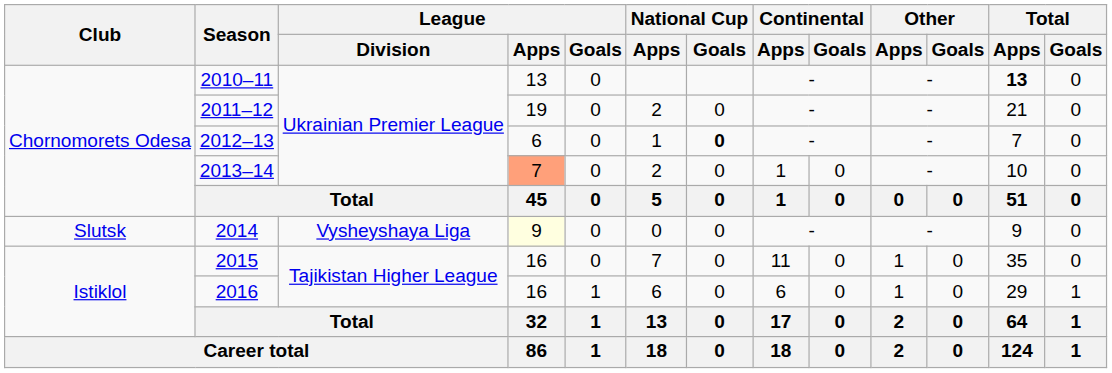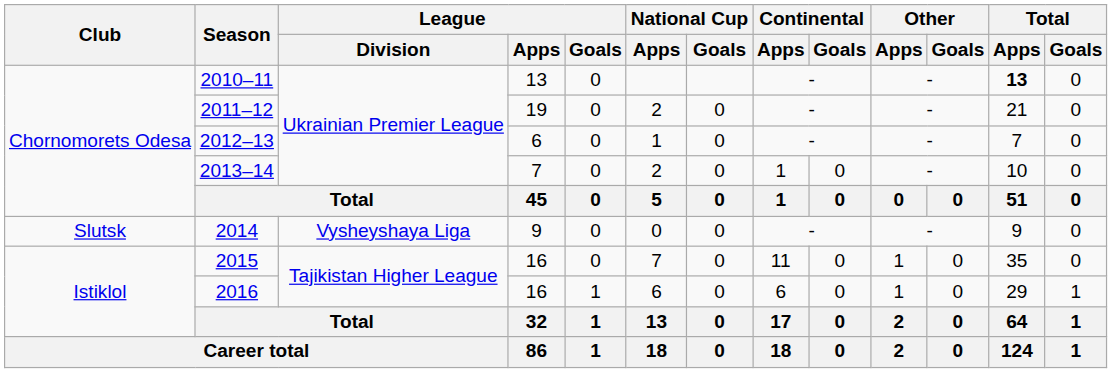 <table class="wikitable" style="text-align: center;">
 <tr>
 <th rowspan="2">Club</th>
 <th rowspan="2">Season</th>
 <th colspan="3">League</th>
 <th colspan="2">National Cup</th>
 <th colspan="2">Continental</th>
 <th colspan="2">Other</th>
 <th colspan="2">Total</th>
 </tr>
 <tr>
 <th>Division</th>
 <th>Apps</th>
 <th>Goals</th>
 <th>Apps</th>
 <th>Goals</th>
 <th>Apps</th>
 <th>Goals</th>
 <th>Apps</th>
 <th>Goals</th>
 <th>Apps</th>
 <th>Goals</th>
 </tr>
 <tr>
 <td rowspan="5" valign="center"><a href='#'>Chornomorets Odesa</a></td>
 <td><a href='#'>2010–11</a></td>
 <td rowspan="4" valign="center"><a href='#'>Ukrainian Premier League</a></td>
 <td>13</td>
 <td>0</td>
 <td></td>
 <td></td>
 <td colspan="2">-</td>
 <td colspan="2">-</td>
 <td><strong>13</strong></td>
 <td>0</td>
 </tr>
 <tr>
 <td><a href='#'>2011–12</a></td>
 <td>19</td>
 <td>0</td>
 <td>2</td>
 <td>0</td>
 <td colspan="2">-</td>
 <td colspan="2">-</td>
 <td>21</td>
 <td>0</td>
 </tr>
 <tr>
 <td><a href='#'>2012–13</a></td>
 <td>6</td>
 <td>0</td>
 <td>1</td>
-<td><strong>0</strong></td>
+<td>0</td>
 <td colspan="2">-</td>
 <td colspan="2">-</td>
 <td>7</td>
 <td>0</td>
 </tr>
 <tr>
 <td><a href='#'>2013–14</a></td>
-<td style="background: lightsalmon;">7</td>
+<td>7</td>
 <td>0</td>
 <td>2</td>
 <td>0</td>
 <td>1</td>
 <td>0</td>
 <td colspan="2">-</td>
 <td>10</td>
 <td>0</td>
 </tr>
 <tr>
 <th colspan="2">Total</th>
 <th>45</th>
 <th>0</th>
 <th>5</th>
 <th>0</th>
 <th>1</th>
 <th>0</th>
 <th>0</th>
 <th>0</th>
 <th>51</th>
 <th>0</th>
 </tr>
 <tr>
 <td rowspan="1" valign="center"><a href='#'>Slutsk</a></td>
 <td><a href='#'>2014</a></td>
 <td rowspan="1" valign="center"><a href='#'>Vysheyshaya Liga</a></td>
-<td style="background: lightyellow;">9</td>
+<td>9</td>
 <td>0</td>
 <td>0</td>
 <td>0</td>
 <td colspan="2">-</td>
 <td colspan="2">-</td>
 <td>9</td>
 <td>0</td>
 </tr>
 <tr>
 <td rowspan="3" valign="center"><a href='#'>Istiklol</a></td>
 <td><a href='#'>2015</a></td>
 <td rowspan="2" valign="center"><a href='#'>Tajikistan Higher League</a></td>
 <td>16</td>
 <td>0</td>
 <td>7</td>
 <td>0</td>
 <td>11</td>
 <td>0</td>
 <td>1</td>
 <td>0</td>
 <td>35</td>
 <td>0</td>
 </tr>
 <tr>
 <td><a href='#'>2016</a></td>
 <td>16</td>
 <td>1</td>
 <td>6</td>
 <td>0</td>
 <td>6</td>
 <td>0</td>
 <td>1</td>
 <td>0</td>
 <td>29</td>
 <td>1</td>
 </tr>
 <tr>
 <th colspan="2">Total</th>
 <th>32</th>
 <th>1</th>
 <th>13</th>
 <th>0</th>
 <th>17</th>
 <th>0</th>
 <th>2</th>
 <th>0</th>
 <th>64</th>
 <th>1</th>
 </tr>
 <tr>
 <th colspan="3">Career total</th>
 <th>86</th>
 <th>1</th>
 <th>18</th>
 <th>0</th>
 <th>18</th>
 <th>0</th>
 <th>2</th>
 <th>0</th>
 <th>124</th>
 <th>1</th>
 </tr>
 </table>
